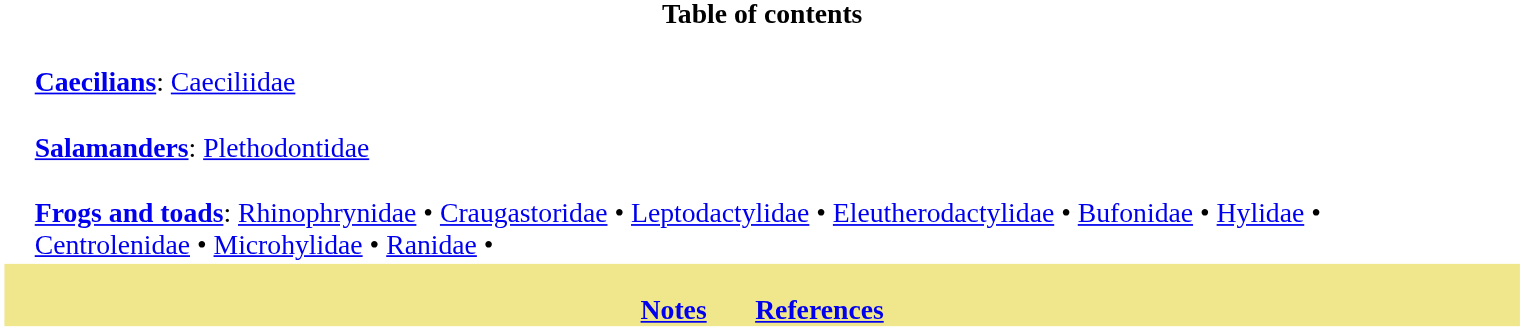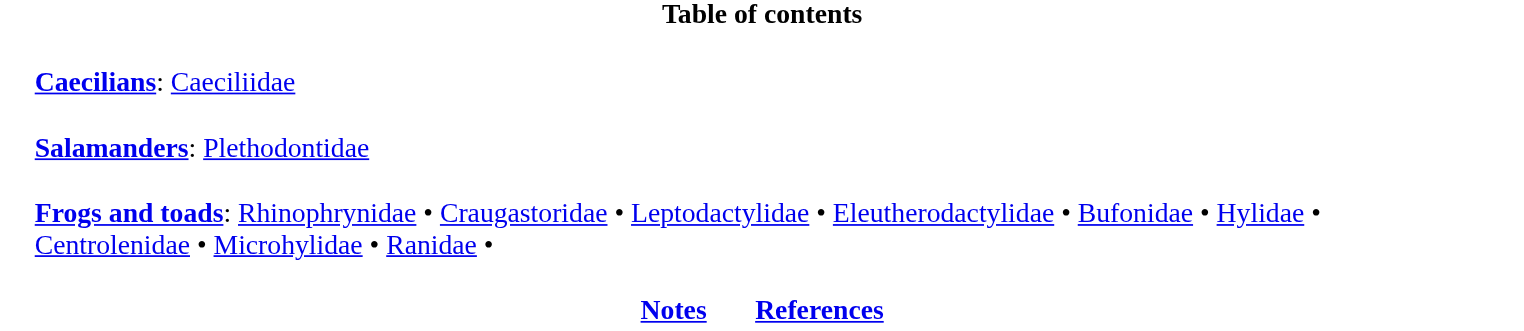 <table class="toccolours" style="margin:0 auto; width:55em; clear:both;">
 <tr>
 <th>Table of contents</th>
 </tr>
 <tr>
 <td style="padding:0 2% 0 2%; text-align:left;"><br><strong><a href='#'>Caecilians</a></strong>: <a href='#'>Caeciliidae</a></td>
 </tr>
 <tr>
 <td style="padding:0 2% 0 2%; text-align:left;"><br><strong><a href='#'>Salamanders</a></strong>: <a href='#'>Plethodontidae</a></td>
 </tr>
 <tr>
 <td style="padding:0 2% 0 2%; text-align:left;"><br><strong><a href='#'>Frogs and toads</a></strong>: <a href='#'>Rhinophrynidae</a> • <a href='#'>Craugastoridae</a> • <a href='#'>Leptodactylidae</a> • <a href='#'>Eleutherodactylidae</a> • <a href='#'>Bufonidae</a> • <a href='#'>Hylidae</a> • <a href='#'>Centrolenidae</a> • <a href='#'>Microhylidae</a> • <a href='#'>Ranidae</a> •</td>
 </tr>
 <tr>
-<td style="background: khaki; padding:0 2% 0 2%; text-align:center;"><br><strong><a href='#'>Notes</a></strong>       <strong><a href='#'>References</a></strong></td>
+<td style="padding:0 2% 0 2%; text-align:center;"><br><strong><a href='#'>Notes</a></strong>       <strong><a href='#'>References</a></strong></td>
 </tr>
 </table>
